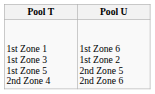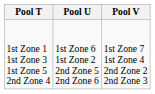 <table class="wikitable">
 <tr>
 <th width=33%>Pool T</th>
 <th width=33%>Pool U</th>
+<th width=33%>Pool V</th>
 </tr>
 <tr>
 <td><br><br> 1st Zone 1<br> 1st Zone 3<br> 1st Zone 5<br> 2nd Zone 4</td>
 <td><br><br> 1st Zone 6<br> 1st Zone 2<br> 2nd Zone 5<br> 2nd Zone 6</td>
+<td><br><br> 1st Zone 7<br> 1st Zone 4<br> 2nd Zone 2<br> 2nd Zone 3</td>
 </tr>
 </table>
